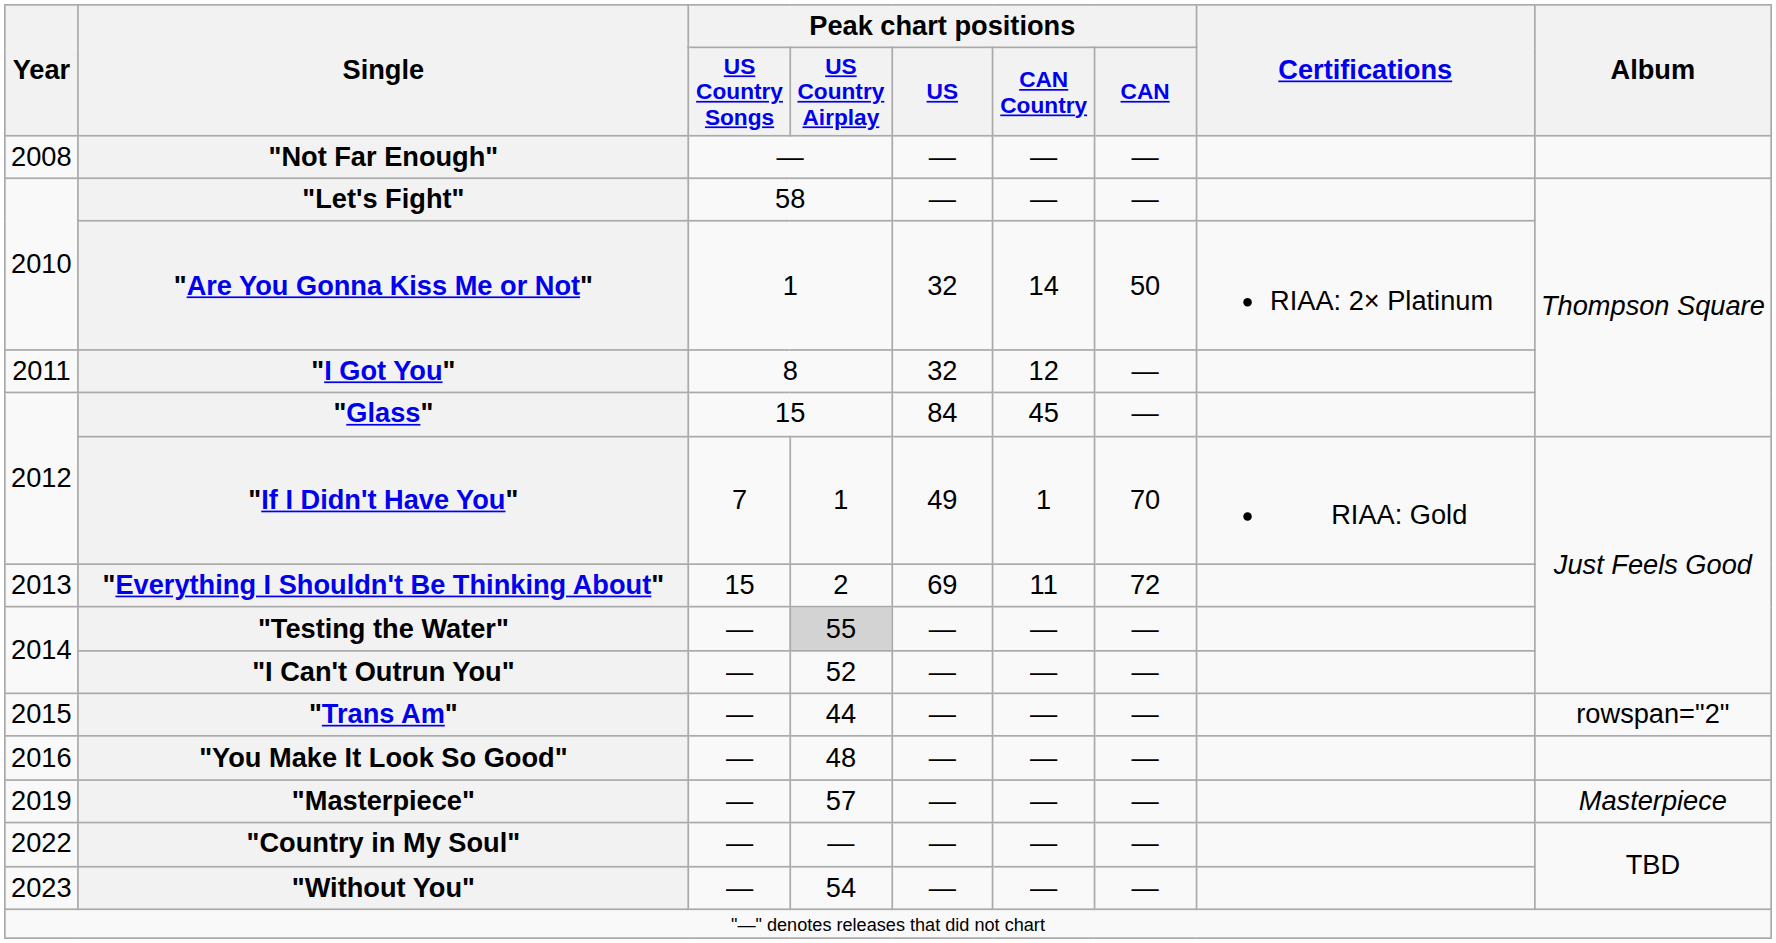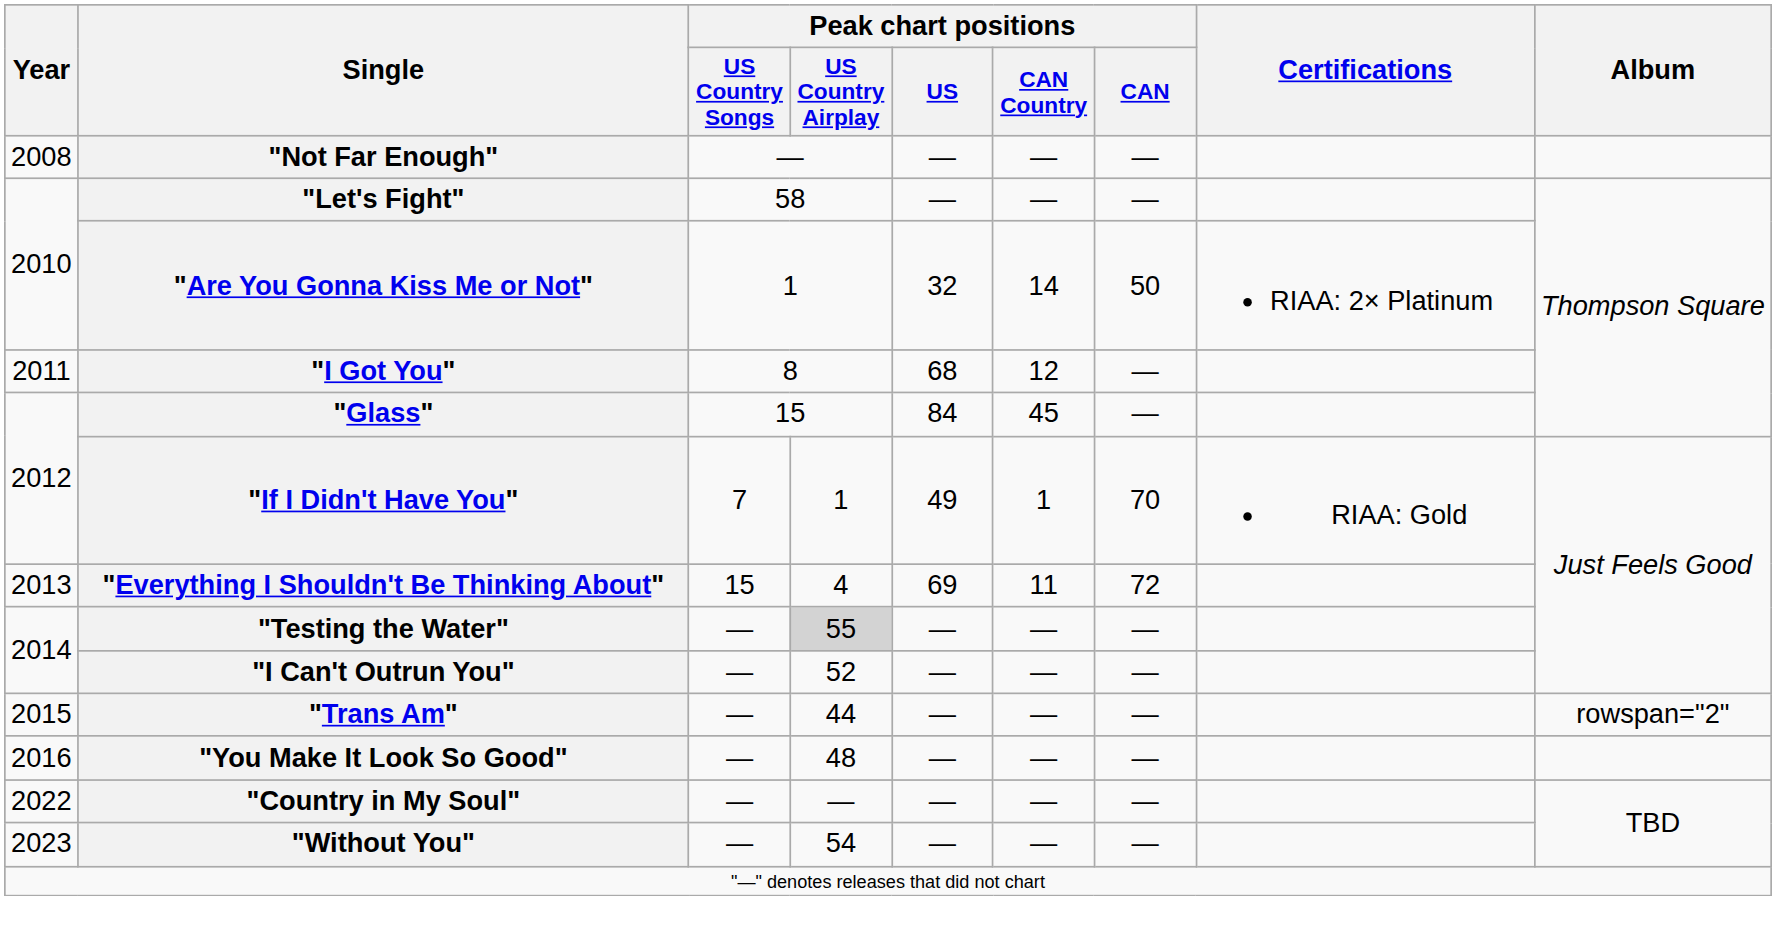 <table class="wikitable plainrowheaders" style="text-align:center;">
 <tr>
 <th rowspan="2">Year</th>
 <th rowspan="2" style="width:22em;">Single</th>
 <th colspan="5">Peak chart positions</th>
 <th rowspan="2" style="width:12em;"><a href='#'>Certifications</a></th>
 <th rowspan="2">Album</th>
 </tr>
 <tr style="font-size:smaller;">
 <th style="width:4em;"><a href='#'>US Country Songs</a><br></th>
 <th style="width:4em;"><a href='#'>US Country Airplay</a><br></th>
 <th style="width:4em;"><a href='#'>US</a><br></th>
 <th style="width:4em;"><a href='#'>CAN Country</a><br></th>
 <th style="width:4em;"><a href='#'>CAN</a><br></th>
 </tr>
 <tr>
 <td>2008</td>
 <th scope="row">"Not Far Enough"</th>
 <td colspan="2">—</td>
 <td>—</td>
 <td>—</td>
 <td>—</td>
 <td></td>
 <td></td>
 </tr>
 <tr>
 <td rowspan="2">2010</td>
 <th scope="row">"Let's Fight"</th>
 <td colspan="2">58</td>
 <td>—</td>
 <td>—</td>
 <td>—</td>
 <td></td>
 <td rowspan="4"><em>Thompson Square</em></td>
 </tr>
 <tr>
 <th scope="row">"<a href='#'>Are You Gonna Kiss Me or Not</a>"</th>
 <td colspan="2">1</td>
 <td>32</td>
 <td>14</td>
 <td>50</td>
 <td style="text-align:left;"><br><ul><li>RIAA: 2× Platinum</li></ul></td>
 </tr>
 <tr>
 <td>2011</td>
 <th scope="row">"<a href='#'>I Got You</a>"</th>
 <td colspan="2">8</td>
-<td>32</td>
+<td>68</td>
 <td>12</td>
 <td>—</td>
 <td></td>
 </tr>
 <tr>
 <td rowspan="2">2012</td>
 <th scope="row">"<a href='#'>Glass</a>"</th>
 <td colspan="2">15</td>
 <td>84</td>
 <td>45</td>
 <td>—</td>
 <td></td>
 </tr>
 <tr>
 <th scope="row">"<a href='#'>If I Didn't Have You</a>"</th>
 <td>7</td>
 <td>1</td>
 <td>49</td>
 <td>1</td>
 <td>70</td>
 <td><br><ul><li>RIAA: Gold</li></ul></td>
 <td rowspan="4"><em>Just Feels Good</em></td>
 </tr>
 <tr>
 <td>2013</td>
 <th scope="row">"<a href='#'>Everything I Shouldn't Be Thinking About</a>"</th>
 <td>15</td>
-<td>2</td>
+<td>4</td>
 <td>69</td>
 <td>11</td>
 <td>72</td>
 <td></td>
 </tr>
 <tr>
 <td rowspan=2>2014</td>
 <th scope="row">"Testing the Water"</th>
 <td>—</td>
 <td style="background: lightgrey;">55</td>
 <td>—</td>
 <td>—</td>
 <td>—</td>
 <td></td>
 </tr>
 <tr>
 <th scope="row">"I Can't Outrun You"</th>
 <td>—</td>
 <td>52</td>
 <td>—</td>
 <td>—</td>
 <td>—</td>
 <td></td>
 </tr>
 <tr>
 <td>2015</td>
 <th scope="row">"<a href='#'>Trans Am</a>"</th>
 <td>—</td>
 <td>44</td>
 <td>—</td>
 <td>—</td>
 <td>—</td>
 <td></td>
 <td>rowspan="2" </td>
 </tr>
 <tr>
 <td>2016</td>
 <th scope="row">"You Make It Look So Good"</th>
 <td>—</td>
 <td>48</td>
 <td>—</td>
 <td>—</td>
 <td>—</td>
 <td></td>
 </tr>
 <tr>
-<td>2019</td>
-<th scope="row">"Masterpiece"</th>
-<td>—</td>
-<td>57</td>
-<td>—</td>
-<td>—</td>
-<td>—</td>
-<td></td>
-<td><em>Masterpiece</em></td>
-</tr>
-<tr>
 <td>2022</td>
 <th scope="row">"Country in My Soul"</th>
 <td>—</td>
 <td>—</td>
 <td>—</td>
 <td>—</td>
 <td>—</td>
 <td></td>
 <td rowspan="2">TBD</td>
 </tr>
 <tr>
 <td>2023</td>
 <th scope="row">"Without You"</th>
 <td>—</td>
 <td>54</td>
 <td>—</td>
 <td>—</td>
 <td>—</td>
 <td></td>
 </tr>
 <tr>
 <td colspan="9" style="font-size:8pt">"—" denotes releases that did not chart</td>
 </tr>
 </table>
